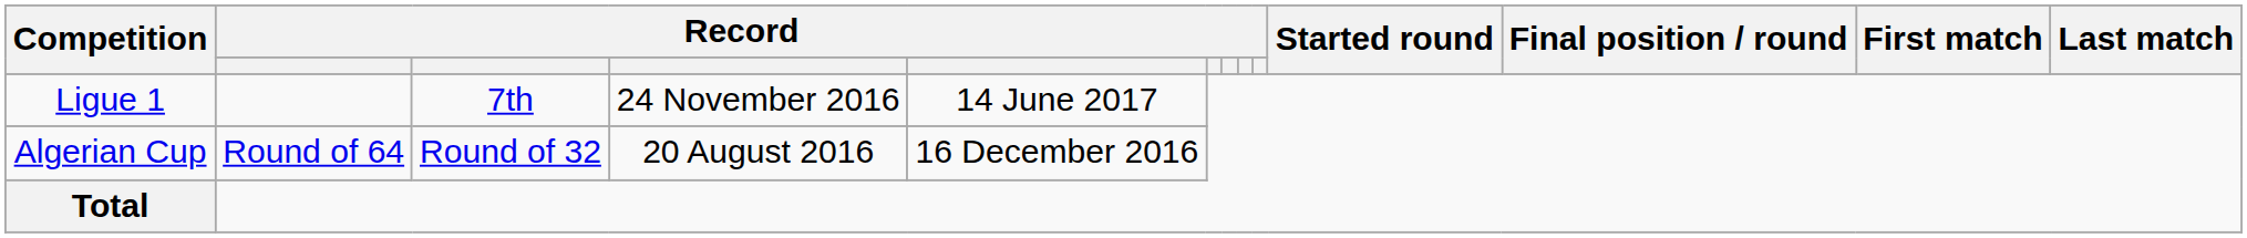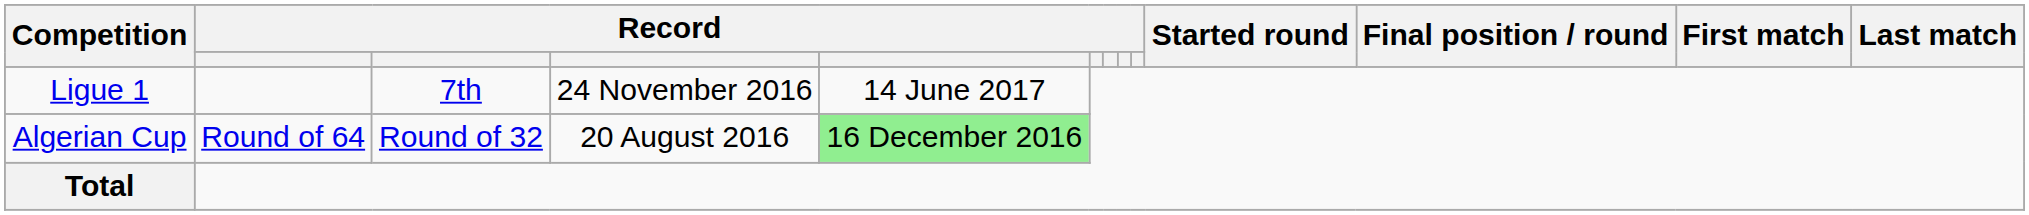 <table class="wikitable" style="text-align: center">
 <tr>
 <th rowspan=2>Competition</th>
 <th colspan=8>Record</th>
 <th rowspan=2>Started round</th>
 <th rowspan=2>Final position / round</th>
 <th rowspan=2>First match</th>
 <th rowspan=2>Last match</th>
 </tr>
 <tr>
 <th></th>
 <th></th>
 <th></th>
 <th></th>
 <th></th>
 <th></th>
 <th></th>
 <th></th>
 </tr>
 <tr>
 <td><a href='#'>Ligue 1</a><br></td>
 <td></td>
 <td><a href='#'>7th</a></td>
 <td>24 November 2016</td>
 <td>14 June 2017</td>
 </tr>
 <tr>
 <td><a href='#'>Algerian Cup</a><br></td>
 <td><a href='#'>Round of 64</a></td>
 <td><a href='#'>Round of 32</a></td>
 <td>20 August 2016</td>
-<td>16 December 2016</td>
+<td style="background: lightgreen;">16 December 2016</td>
 </tr>
 <tr>
 <th>Total<br></th>
 </tr>
 </table>
